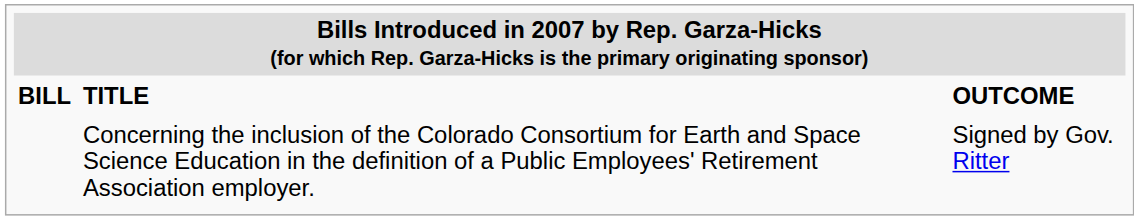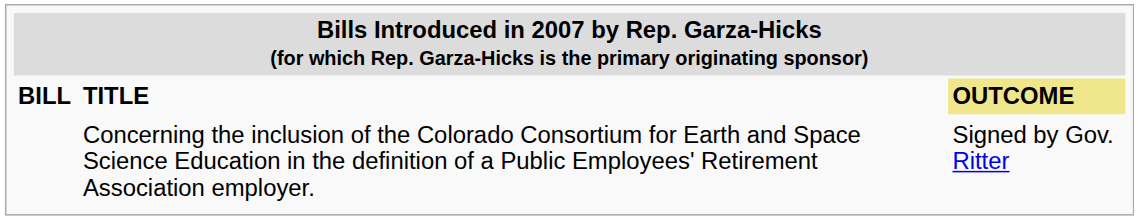 <table class="infobox" style="width:60%;" cellpadding="3px;">
 <tr>
 <th style="background:#DCDCDC;" colspan="3">Bills Introduced in 2007 by Rep. Garza-Hicks<br><small>(for which Rep. Garza-Hicks is the primary originating sponsor)</small></th>
 </tr>
 <tr style="font-weight:bold;">
 <td>BILL</td>
 <td>TITLE</td>
-<td>OUTCOME</td>
+<td style="background: khaki;">OUTCOME</td>
 </tr>
 <tr>
 <td>   </td>
 <td>Concerning the inclusion of the Colorado Consortium for Earth and Space Science Education in the definition of a Public Employees' Retirement Association employer.</td>
 <td>Signed by Gov. <a href='#'>Ritter</a></td>
 </tr>
 </table>
